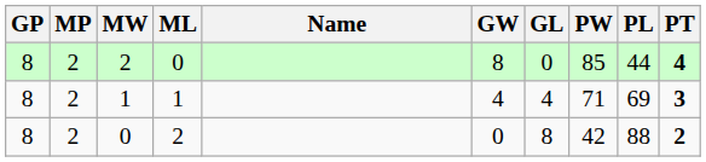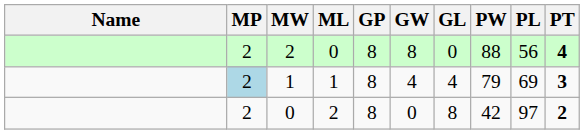 <table class=wikitable style="text-align:center">
 <tr>
-<th width=20>GP</th>
+<th width=175>Name</th>
 <th width=20>MP</th>
 <th width=20>MW</th>
 <th width=20>ML</th>
-<th width=175>Name</th>
+<th width=20>GP</th>
 <th width=20>GW</th>
 <th width=20>GL</th>
 <th width=20>PW</th>
 <th width=20>PL</th>
 <th width=20>PT</th>
 </tr>
 <tr style="background-color:#ccffcc;">
-<td>8</td>
+<td style="text-align:left;"><strong></strong></td>
 <td>2</td>
 <td>2</td>
 <td>0</td>
-<td style="text-align:left;"><strong></strong></td>
+<td>8</td>
 <td>8</td>
 <td>0</td>
-<td>85</td>
-<td>44</td>
+<td>88</td>
+<td>56</td>
 <td><strong>4</strong></td>
 </tr>
 <tr>
-<td>8</td>
-<td>2</td>
+<td style="text-align:left;"></td>
+<td style="background: lightblue;">2</td>
 <td>1</td>
 <td>1</td>
-<td style="text-align:left;"></td>
+<td>8</td>
 <td>4</td>
 <td>4</td>
-<td>71</td>
+<td>79</td>
 <td>69</td>
 <td><strong>3</strong></td>
 </tr>
 <tr>
-<td>8</td>
+<td style="text-align:left;"></td>
 <td>2</td>
 <td>0</td>
 <td>2</td>
-<td style="text-align:left;"></td>
+<td>8</td>
 <td>0</td>
 <td>8</td>
 <td>42</td>
-<td>88</td>
+<td>97</td>
 <td><strong>2</strong></td>
 </tr>
 </table>
